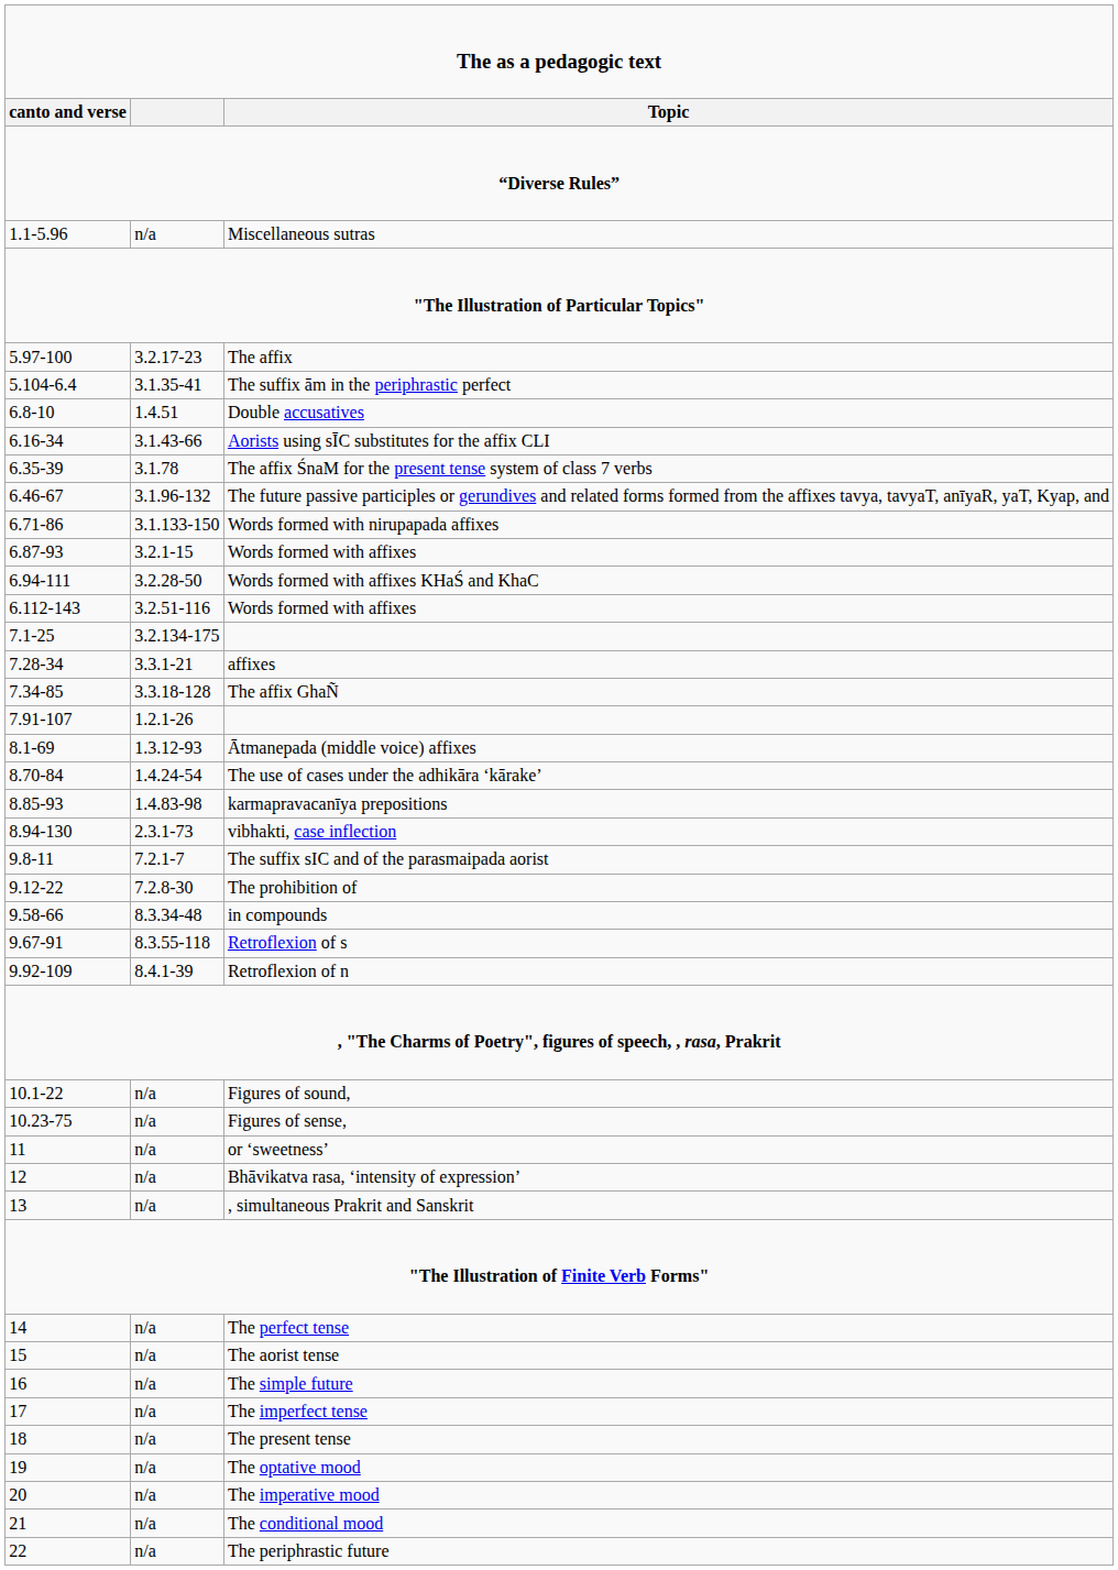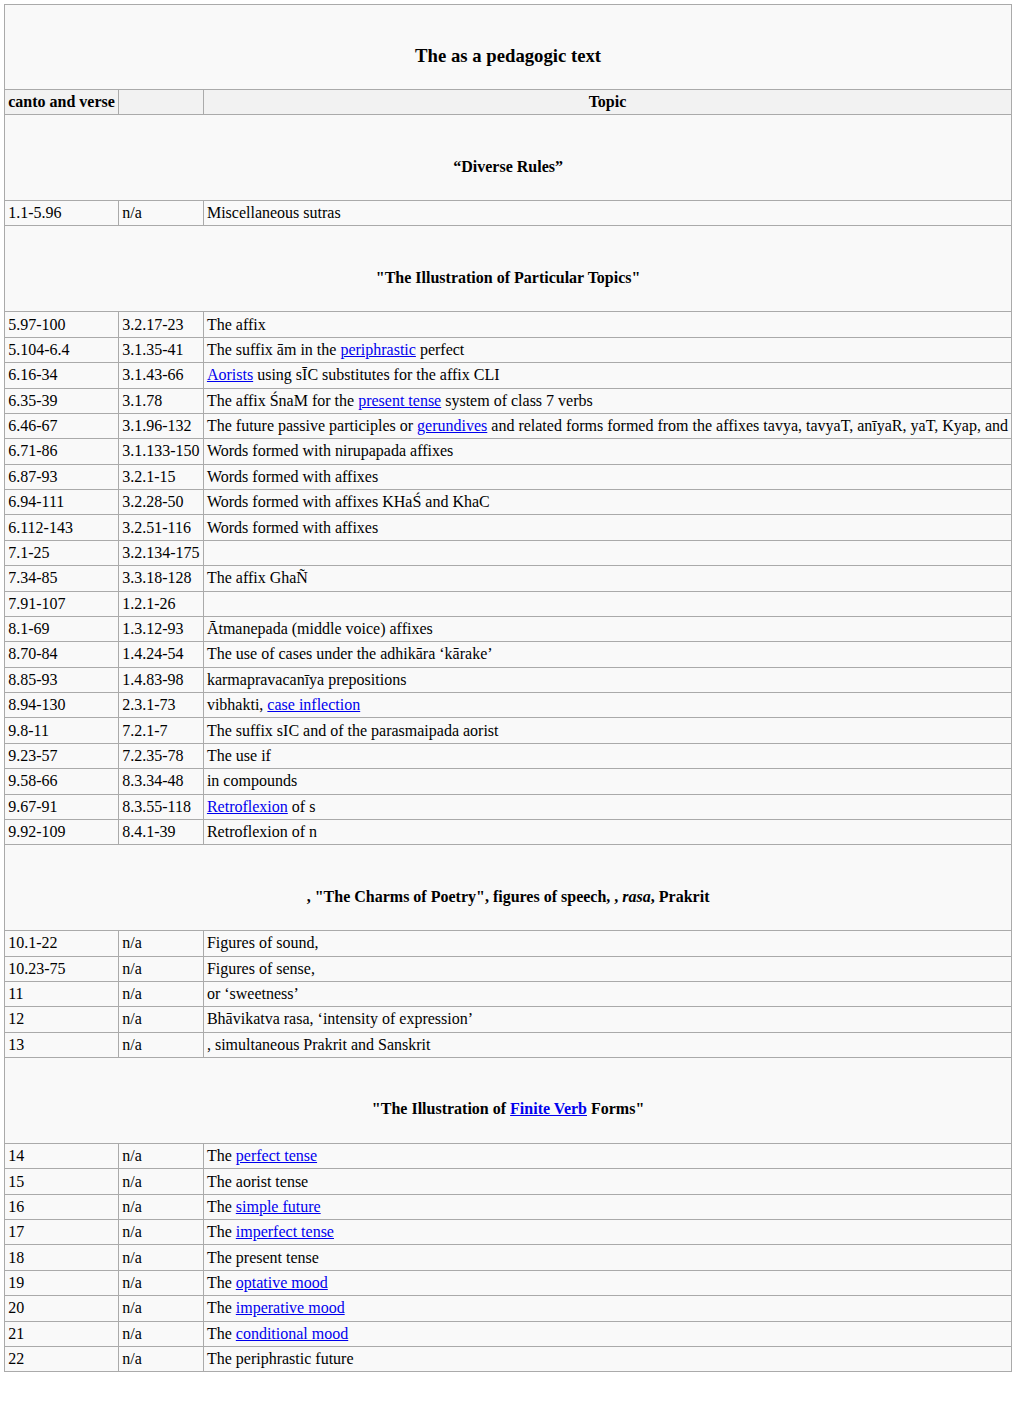 <table class="wikitable">
 <tr>
 <td colspan="3" align="center"><br><h3>The <em></em>  as a pedagogic text</h3></td>
 </tr>
 <tr>
 <th><em></em> canto and verse</th>
 <th></th>
 <th>Topic</th>
 </tr>
 <tr>
 <td colspan="3" align="center"><br><h4> “Diverse Rules”</h4></td>
 </tr>
 <tr>
 <td>1.1-5.96</td>
 <td>n/a</td>
 <td>Miscellaneous sutras</td>
 </tr>
 <tr>
 <td colspan="3" align="center"><br><h4> "The Illustration of Particular Topics"</h4></td>
 </tr>
 <tr>
 <td>5.97-100</td>
 <td>3.2.17-23</td>
 <td>The affix </td>
 </tr>
 <tr>
 <td>5.104-6.4</td>
 <td>3.1.35-41</td>
 <td>The suffix ām in the <a href='#'>periphrastic</a> perfect</td>
-</tr>
-<tr>
-<td>6.8-10</td>
-<td>1.4.51</td>
-<td>Double <a href='#'>accusatives</a></td>
 </tr>
 <tr>
 <td>6.16-34</td>
 <td>3.1.43-66</td>
 <td><a href='#'>Aorists</a> using sĪC substitutes for the affix CLI</td>
 </tr>
 <tr>
 <td>6.35-39</td>
 <td>3.1.78</td>
 <td>The affix ŚnaM for the <a href='#'>present tense</a> system of class 7 verbs</td>
 </tr>
 <tr>
 <td>6.46-67</td>
 <td>3.1.96-132</td>
 <td>The future passive participles or <a href='#'>gerundives</a> and related forms formed from the  affixes tavya, tavyaT, anīyaR, yaT, Kyap, and </td>
 </tr>
 <tr>
 <td>6.71-86</td>
 <td>3.1.133-150</td>
 <td>Words formed with nirupapada  affixes </td>
 </tr>
 <tr>
 <td>6.87-93</td>
 <td>3.2.1-15</td>
 <td>Words formed with  affixes </td>
 </tr>
 <tr>
 <td>6.94-111</td>
 <td>3.2.28-50</td>
 <td>Words formed with affixes KHaŚ and KhaC</td>
 </tr>
 <tr>
 <td>6.112-143</td>
 <td>3.2.51-116</td>
 <td>Words formed with  affixes</td>
 </tr>
 <tr>
 <td>7.1-25</td>
 <td>3.2.134-175</td>
 <td></td>
 </tr>
 <tr>
-<td>7.28-34</td>
-<td>3.3.1-21</td>
-<td> affixes</td>
-</tr>
-<tr>
 <td>7.34-85</td>
 <td>3.3.18-128</td>
 <td>The affix GhaÑ</td>
 </tr>
 <tr>
 <td>7.91-107</td>
 <td>1.2.1-26</td>
 <td></td>
 </tr>
 <tr>
 <td>8.1-69</td>
 <td>1.3.12-93</td>
 <td>Ātmanepada (middle voice) affixes</td>
 </tr>
 <tr>
 <td>8.70-84</td>
 <td>1.4.24-54</td>
 <td>The use of cases under the adhikāra ‘kārake’</td>
 </tr>
 <tr>
 <td>8.85-93</td>
 <td>1.4.83-98</td>
 <td>karmapravacanīya prepositions</td>
 </tr>
 <tr>
 <td>8.94-130</td>
 <td>2.3.1-73</td>
 <td>vibhakti, <a href='#'>case inflection</a></td>
 </tr>
 <tr>
 <td>9.8-11</td>
 <td>7.2.1-7</td>
 <td>The suffix sIC and  of the parasmaipada aorist</td>
 </tr>
 <tr>
-<td>9.12-22</td>
-<td>7.2.8-30</td>
-<td>The prohibition of </td>
+<td>9.23-57</td>
+<td>7.2.35-78</td>
+<td>The use if </td>
 </tr>
 <tr>
 <td>9.58-66</td>
 <td>8.3.34-48</td>
 <td> in compounds</td>
 </tr>
 <tr>
 <td>9.67-91</td>
 <td>8.3.55-118</td>
 <td><a href='#'>Retroflexion</a> of s</td>
 </tr>
 <tr>
 <td>9.92-109</td>
 <td>8.4.1-39</td>
 <td>Retroflexion of n</td>
 </tr>
 <tr>
 <td colspan="3" align="center"><br><h4>, "The Charms of Poetry", figures of speech, <em></em>, <em>rasa</em>, Prakrit</h4></td>
 </tr>
 <tr>
 <td>10.1-22</td>
 <td>n/a</td>
 <td>Figures of sound, </td>
 </tr>
 <tr>
 <td>10.23-75</td>
 <td>n/a</td>
 <td>Figures of sense, </td>
 </tr>
 <tr>
 <td>11</td>
 <td>n/a</td>
 <td> or ‘sweetness’</td>
 </tr>
 <tr>
 <td>12</td>
 <td>n/a</td>
 <td>Bhāvikatva rasa, ‘intensity of expression’</td>
 </tr>
 <tr>
 <td>13</td>
 <td>n/a</td>
 <td>, simultaneous Prakrit and Sanskrit</td>
 </tr>
 <tr>
 <td colspan="3" align="center"><br><h4> "The Illustration of <a href='#'>Finite Verb</a> Forms"</h4></td>
 </tr>
 <tr>
 <td>14</td>
 <td>n/a</td>
 <td>The <a href='#'>perfect tense</a></td>
 </tr>
 <tr>
 <td>15</td>
 <td>n/a</td>
 <td>The aorist tense</td>
 </tr>
 <tr>
 <td>16</td>
 <td>n/a</td>
 <td>The <a href='#'>simple future</a></td>
 </tr>
 <tr>
 <td>17</td>
 <td>n/a</td>
 <td>The <a href='#'>imperfect tense</a></td>
 </tr>
 <tr>
 <td>18</td>
 <td>n/a</td>
 <td>The present tense</td>
 </tr>
 <tr>
 <td>19</td>
 <td>n/a</td>
 <td>The <a href='#'>optative mood</a></td>
 </tr>
 <tr>
 <td>20</td>
 <td>n/a</td>
 <td>The <a href='#'>imperative mood</a></td>
 </tr>
 <tr>
 <td>21</td>
 <td>n/a</td>
 <td>The <a href='#'>conditional mood</a></td>
 </tr>
 <tr>
 <td>22</td>
 <td>n/a</td>
 <td>The periphrastic future</td>
 </tr>
 </table>
